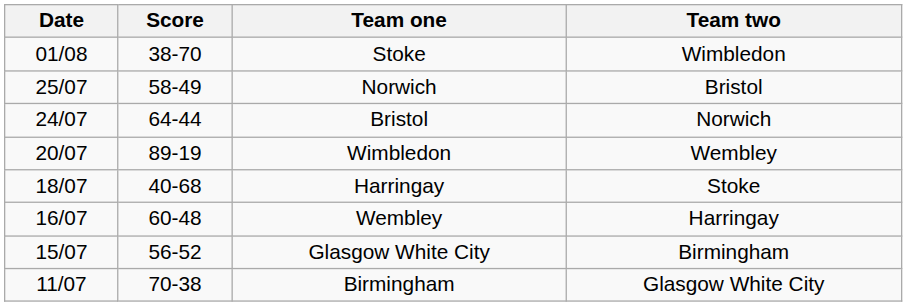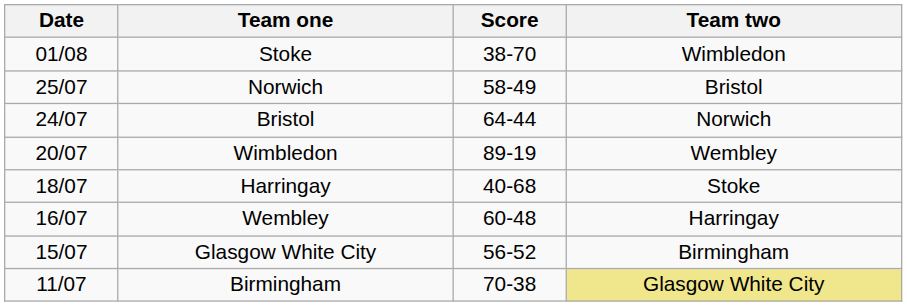 <table class="wikitable" style="text-align: center">
 <tr>
 <th width=80>Date</th>
+<th width=250>Team one</th>
 <th width=80>Score</th>
-<th width=250>Team one</th>
 <th width=250>Team two</th>
 </tr>
 <tr>
 <td>01/08</td>
+<td>Stoke</td>
 <td>38-70</td>
-<td>Stoke</td>
 <td>Wimbledon</td>
 </tr>
 <tr>
 <td>25/07</td>
+<td>Norwich</td>
 <td>58-49</td>
-<td>Norwich</td>
 <td>Bristol</td>
 </tr>
 <tr>
 <td>24/07</td>
+<td>Bristol</td>
 <td>64-44</td>
-<td>Bristol</td>
 <td>Norwich</td>
 </tr>
 <tr>
 <td>20/07</td>
+<td>Wimbledon</td>
 <td>89-19</td>
-<td>Wimbledon</td>
 <td>Wembley</td>
 </tr>
 <tr>
 <td>18/07</td>
+<td>Harringay</td>
 <td>40-68</td>
-<td>Harringay</td>
 <td>Stoke</td>
 </tr>
 <tr>
 <td>16/07</td>
+<td>Wembley</td>
 <td>60-48</td>
-<td>Wembley</td>
 <td>Harringay</td>
 </tr>
 <tr>
 <td>15/07</td>
+<td>Glasgow White City</td>
 <td>56-52</td>
-<td>Glasgow White City</td>
 <td>Birmingham</td>
 </tr>
 <tr>
 <td>11/07</td>
+<td>Birmingham</td>
 <td>70-38</td>
-<td>Birmingham</td>
-<td>Glasgow White City</td>
+<td style="background: khaki;">Glasgow White City</td>
 </tr>
 </table>
